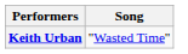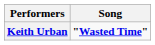 <table class="wikitable unsortable" style="text-align:center;">
 <tr>
 <th scope="col">Performers</th>
 <th scope="col">Song</th>
 </tr>
 <tr>
 <th scope="row"><a href='#'>Keith Urban</a></th>
-<td>"<a href='#'>Wasted Time</a>"</td>
+<td><strong>"<a href='#'>Wasted Time</a>"</strong></td>
 </tr>
 </table>
